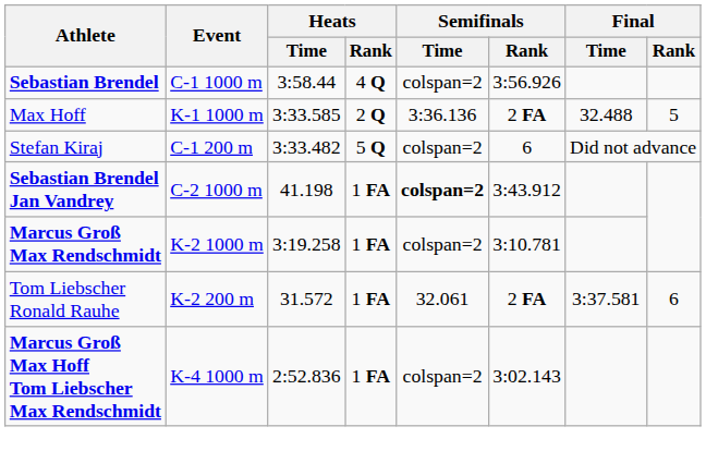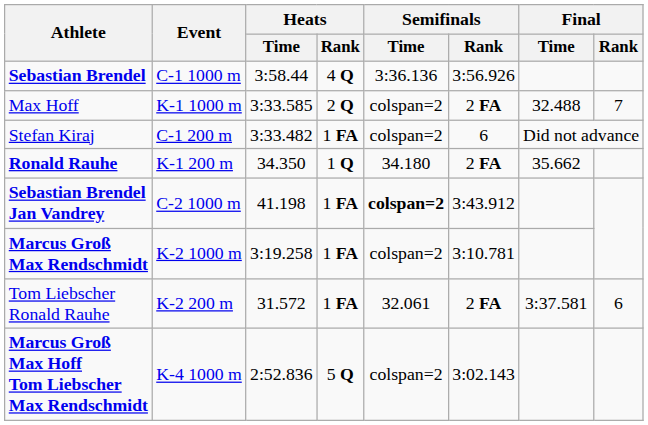 <table class=wikitable style="font-size:90%">
 <tr>
 <th rowspan="2">Athlete</th>
 <th rowspan="2">Event</th>
 <th colspan=2>Heats</th>
 <th colspan=2>Semifinals</th>
 <th colspan=2>Final</th>
 </tr>
 <tr style="font-size:95%">
 <th>Time</th>
 <th>Rank</th>
 <th>Time</th>
 <th>Rank</th>
 <th>Time</th>
 <th>Rank</th>
 </tr>
 <tr align=center>
 <td align=left><strong><a href='#'>Sebastian Brendel</a></strong></td>
 <td align=left><a href='#'>C-1 1000 m</a></td>
 <td>3:58.44</td>
 <td>4 <strong>Q</strong></td>
-<td>colspan=2 </td>
+<td>3:36.136</td>
 <td>3:56.926</td>
 <td></td>
 </tr>
 <tr align=center>
 <td align=left><a href='#'>Max Hoff</a></td>
 <td align=left><a href='#'>K-1 1000 m</a></td>
 <td>3:33.585</td>
 <td>2 <strong>Q</strong></td>
-<td>3:36.136</td>
+<td>colspan=2 </td>
 <td>2 <strong>FA</strong></td>
 <td>32.488</td>
-<td>5</td>
+<td>7</td>
 </tr>
 <tr align=center>
 <td align=left><a href='#'>Stefan Kiraj</a></td>
 <td align=left><a href='#'>C-1 200 m</a></td>
 <td>3:33.482</td>
-<td>5 <strong>Q</strong></td>
+<td>1 <strong>FA</strong></td>
 <td>colspan=2 </td>
 <td>6</td>
 <td colspan=2>Did not advance</td>
+</tr>
+<tr align=center>
+<td align=left><strong><a href='#'>Ronald Rauhe</a></strong></td>
+<td align=left><a href='#'>K-1 200 m</a></td>
+<td>34.350</td>
+<td>1 <strong>Q</strong></td>
+<td>34.180</td>
+<td>2 <strong>FA</strong></td>
+<td>35.662</td>
+<td></td>
 </tr>
 <tr align=center>
 <td align=left><strong><a href='#'>Sebastian Brendel</a><br><a href='#'>Jan Vandrey</a></strong></td>
 <td align=left><a href='#'>C-2 1000 m</a></td>
 <td>41.198</td>
 <td>1 <strong>FA</strong></td>
 <td><strong>colspan=2 </strong></td>
 <td>3:43.912</td>
 <td></td>
 </tr>
 <tr align=center>
 <td align=left><strong><a href='#'>Marcus Groß</a><br><a href='#'>Max Rendschmidt</a></strong></td>
 <td align=left><a href='#'>K-2 1000 m</a></td>
 <td>3:19.258</td>
 <td>1 <strong>FA</strong></td>
 <td>colspan=2 </td>
 <td>3:10.781</td>
 <td></td>
 </tr>
 <tr align=center>
 <td align=left><a href='#'>Tom Liebscher</a><br><a href='#'>Ronald Rauhe</a></td>
 <td align=left><a href='#'>K-2 200 m</a></td>
 <td>31.572</td>
 <td>1 <strong>FA</strong></td>
 <td>32.061</td>
 <td>2 <strong>FA</strong></td>
 <td>3:37.581</td>
 <td>6</td>
 </tr>
 <tr align=center>
 <td align=left><strong><a href='#'>Marcus Groß</a><br><a href='#'>Max Hoff</a><br><a href='#'>Tom Liebscher</a><br><a href='#'>Max Rendschmidt</a></strong></td>
 <td align=left><a href='#'>K-4 1000 m</a></td>
 <td>2:52.836</td>
-<td>1 <strong>FA</strong></td>
+<td>5 <strong>Q</strong></td>
 <td>colspan=2 </td>
 <td>3:02.143</td>
 <td></td>
 </tr>
 </table>
